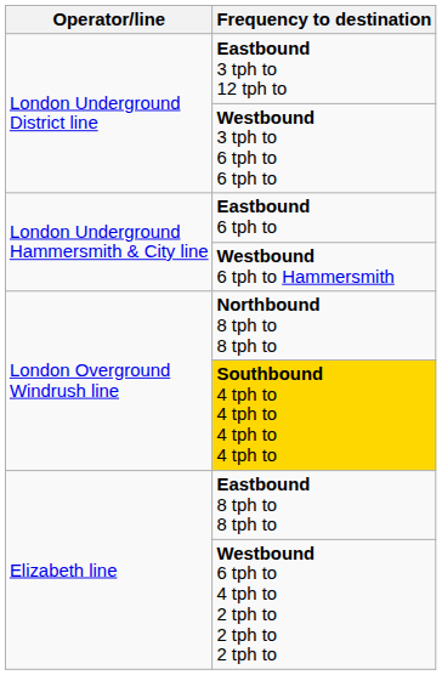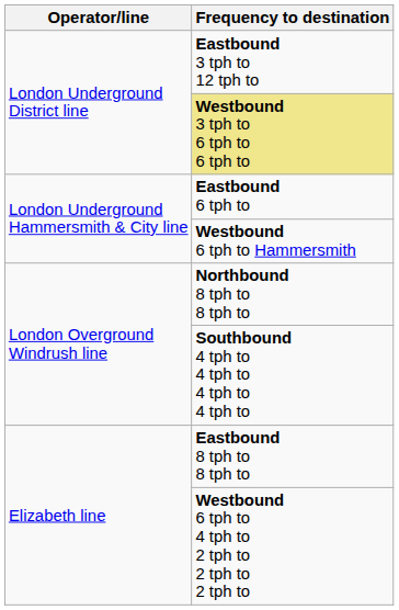 <table class="wikitable">
 <tr>
 <th>Operator/line</th>
 <th>Frequency to destination</th>
 </tr>
 <tr>
 <td rowspan=2><a href='#'>London Underground</a> <br> <a href='#'>District line</a></td>
 <td><strong>Eastbound</strong> <br> 3 tph to  <br> 12 tph to </td>
 </tr>
 <tr>
-<td><strong>Westbound</strong> <br> 3 tph to  <br> 6 tph to  <br> 6 tph to </td>
+<td style="background: khaki;"><strong>Westbound</strong> <br> 3 tph to  <br> 6 tph to  <br> 6 tph to </td>
 </tr>
 <tr>
 <td rowspan=2><a href='#'>London Underground</a> <br> <a href='#'>Hammersmith & City line</a></td>
 <td><strong>Eastbound</strong> <br> 6 tph to </td>
 </tr>
 <tr>
 <td><strong>Westbound</strong> <br> 6 tph to <a href='#'>Hammersmith</a></td>
 </tr>
 <tr>
 <td rowspan=2><a href='#'>London Overground</a> <br> <a href='#'>Windrush line</a></td>
 <td><strong>Northbound</strong> <br> 8 tph to  <br> 8 tph to </td>
 </tr>
 <tr>
-<td style="background: gold;"><strong>Southbound</strong> <br> 4 tph to  <br> 4 tph to  <br> 4 tph to  <br> 4 tph to </td>
+<td><strong>Southbound</strong> <br> 4 tph to  <br> 4 tph to  <br> 4 tph to  <br> 4 tph to </td>
 </tr>
 <tr>
 <td rowspan=2><a href='#'>Elizabeth line</a></td>
 <td><strong>Eastbound</strong> <br> 8 tph to  <br> 8 tph to </td>
 </tr>
 <tr>
 <td><strong>Westbound</strong> <br> 6 tph to  <br> 4 tph to  <br> 2 tph to  <br> 2 tph to  <br> 2 tph to </td>
 </tr>
 </table>
